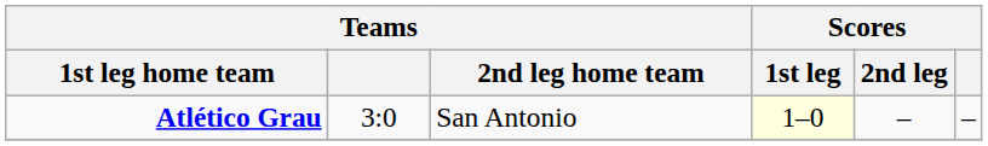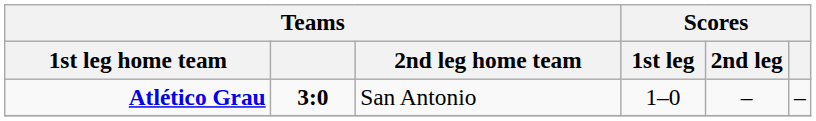 <table class="wikitable" style="text-align: center;">
 <tr>
 <th colspan=3>Teams</th>
 <th colspan=3>Scores</th>
 </tr>
 <tr>
 <th width="175">1st leg home team</th>
 <th width="50"></th>
 <th width="175">2nd leg home team</th>
 <th width="50">1st leg</th>
 <th width="50">2nd leg</th>
 <th></th>
 </tr>
 <tr>
 <td align=right><strong><a href='#'>Atlético Grau</a></strong></td>
-<td>3:0</td>
+<td><strong>3:0</strong></td>
 <td align=left>San Antonio</td>
-<td style="background: lightyellow;">1–0</td>
+<td>1–0</td>
 <td>–</td>
 <td>–</td>
 </tr>
 <tr>
 </tr>
 </table>
